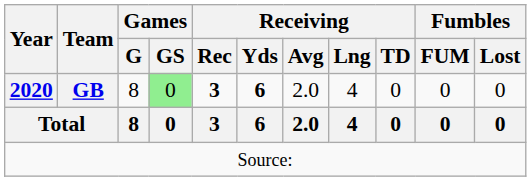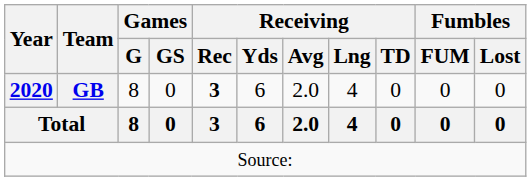 <table class="wikitable" style="text-align:center">
 <tr>
 <th rowspan="2">Year</th>
 <th rowspan="2">Team</th>
 <th colspan="2">Games</th>
 <th colspan="5">Receiving</th>
 <th colspan="2">Fumbles</th>
 </tr>
 <tr>
 <th>G</th>
 <th>GS</th>
 <th>Rec</th>
 <th>Yds</th>
 <th>Avg</th>
 <th>Lng</th>
 <th>TD</th>
 <th>FUM</th>
 <th>Lost</th>
 </tr>
 <tr>
 <th><a href='#'>2020</a></th>
 <th><a href='#'>GB</a></th>
 <td>8</td>
-<td style="background: lightgreen;">0</td>
+<td>0</td>
 <td><strong>3</strong></td>
-<td><strong>6</strong></td>
+<td>6</td>
 <td>2.0</td>
 <td>4</td>
 <td>0</td>
 <td>0</td>
 <td>0</td>
 </tr>
 <tr>
 <th colspan="2">Total</th>
 <th>8</th>
 <th>0</th>
 <th>3</th>
 <th>6</th>
 <th>2.0</th>
 <th>4</th>
 <th>0</th>
 <th>0</th>
 <th>0</th>
 </tr>
 <tr>
 <td colspan="11"><small>Source: </small></td>
 </tr>
 </table>
